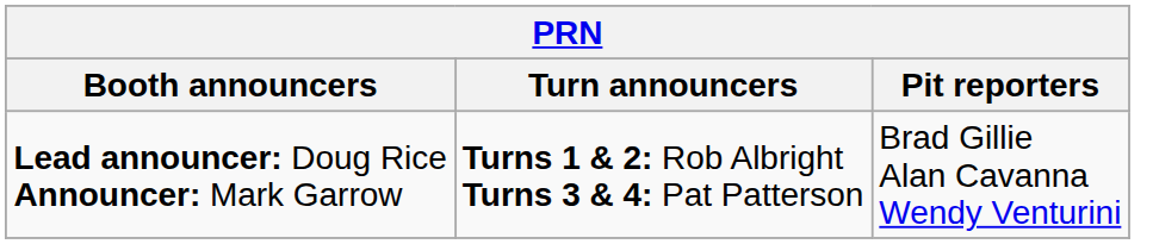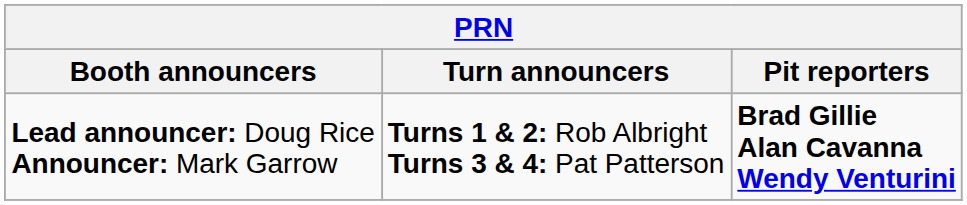 <table class="wikitable" style="font-size: 95%;">
 <tr>
 <th colspan="3"><a href='#'>PRN</a></th>
 </tr>
 <tr>
 <th>Booth announcers</th>
 <th>Turn announcers</th>
 <th>Pit reporters</th>
 </tr>
 <tr>
 <td><strong>Lead announcer:</strong> Doug Rice<br><strong>Announcer:</strong> Mark Garrow</td>
 <td><strong>Turns 1 & 2:</strong> Rob Albright<br><strong>Turns 3 & 4:</strong> Pat Patterson</td>
-<td>Brad Gillie<br>Alan Cavanna<br><a href='#'>Wendy Venturini</a></td>
+<td><strong>Brad Gillie<br>Alan Cavanna<br><a href='#'>Wendy Venturini</a></strong></td>
 </tr>
 </table>
